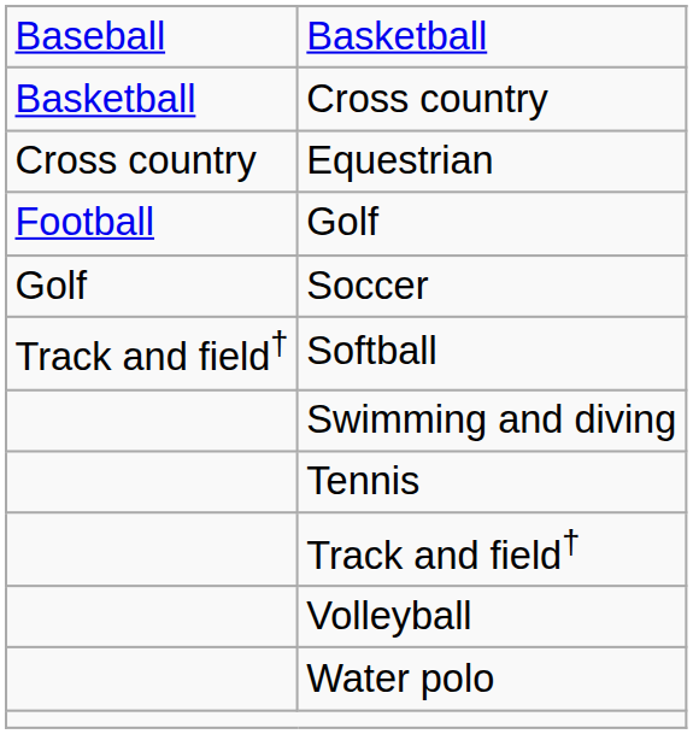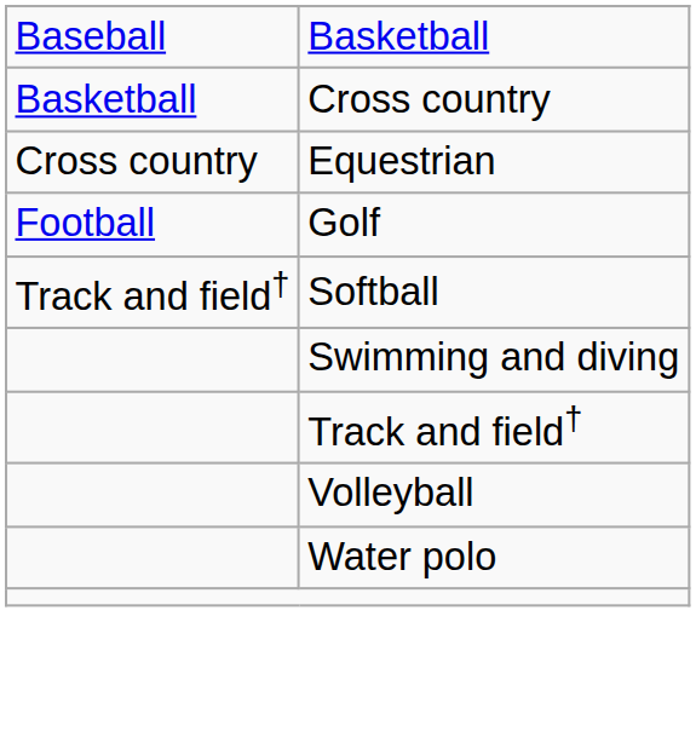 <table class="wikitable" style=" ">
 <tr>
 </tr>
 <tr>
 <td><a href='#'>Baseball</a></td>
 <td><a href='#'>Basketball</a></td>
 </tr>
 <tr>
 <td><a href='#'>Basketball</a></td>
 <td>Cross country</td>
 </tr>
 <tr>
 <td>Cross country</td>
 <td>Equestrian</td>
 </tr>
 <tr>
 <td><a href='#'>Football</a></td>
 <td>Golf</td>
 </tr>
 <tr>
-<td>Golf</td>
-<td>Soccer</td>
-</tr>
-<tr>
 <td>Track and field<sup>†</sup></td>
 <td>Softball</td>
 </tr>
 <tr>
 <td></td>
 <td>Swimming and diving</td>
-</tr>
-<tr>
-<td></td>
-<td>Tennis</td>
 </tr>
 <tr>
 <td></td>
 <td>Track and field<sup>†</sup></td>
 </tr>
 <tr>
 <td></td>
 <td>Volleyball</td>
 </tr>
 <tr>
 <td></td>
 <td>Water polo</td>
 </tr>
 <tr>
 <td colspan="2"></td>
 </tr>
 </table>
